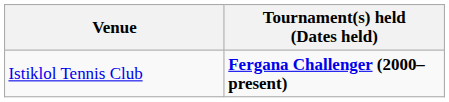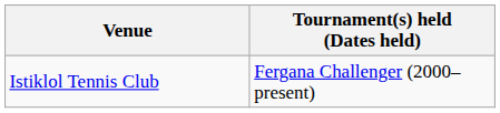 <table class=wikitable>
 <tr>
 <th width=200>Venue</th>
 <th width=200>Tournament(s) held<br>(Dates held)</th>
 </tr>
 <tr>
 <td><a href='#'>Istiklol Tennis Club</a></td>
-<td><strong><a href='#'>Fergana Challenger</a> (2000–present)</strong></td>
+<td><a href='#'>Fergana Challenger</a> (2000–present)</td>
 </tr>
 </table>
